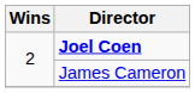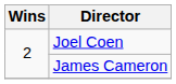 <table class="wikitable sortable">
 <tr>
 <th>Wins</th>
 <th>Director</th>
 </tr>
 <tr>
 <td rowspan="2" style="text-align:center">2</td>
-<td><strong> <a href='#'>Joel Coen</a></strong></td>
+<td> <a href='#'>Joel Coen</a></td>
 </tr>
 <tr>
 <td> <a href='#'>James Cameron</a></td>
 </tr>
 <tr>
 </tr>
 </table>
